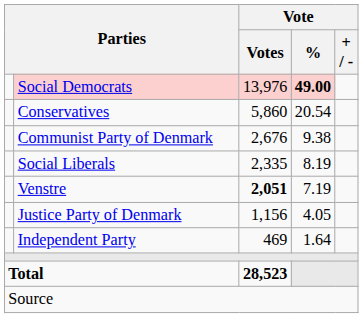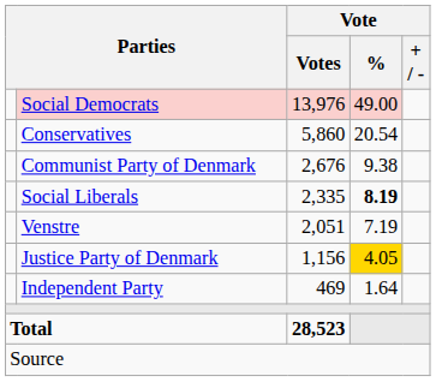 <table class="wikitable" style="text-align:right;">
 <tr>
 <th style="text-align:centre;" rowspan="2" colspan="2" width="225">Parties</th>
 <th colspan="3">Vote</th>
 </tr>
 <tr>
 <th width="15">Votes</th>
 <th width="15">%</th>
 <th width="15">+ / -</th>
 </tr>
 <tr>
 <td width="2" style="color:inherit;background:"></td>
 <td bgcolor=#fbd0ce  align="left"><a href='#'>Social Democrats</a></td>
 <td bgcolor=#fbd0ce>13,976</td>
-<td bgcolor=#fbd0ce><strong>49.00</strong></td>
+<td bgcolor=#fbd0ce>49.00</td>
 <td></td>
 </tr>
 <tr>
 <td width="2" style="color:inherit;background:"></td>
 <td align="left"><a href='#'>Conservatives</a></td>
 <td>5,860</td>
 <td>20.54</td>
 <td></td>
 </tr>
 <tr>
 <td width="2" style="color:inherit;background:"></td>
 <td align="left"><a href='#'>Communist Party of Denmark</a></td>
 <td>2,676</td>
 <td>9.38</td>
 <td></td>
 </tr>
 <tr>
 <td width="2" style="color:inherit;background:"></td>
 <td align="left"><a href='#'>Social Liberals</a></td>
 <td>2,335</td>
-<td>8.19</td>
+<td><strong>8.19</strong></td>
 <td></td>
 </tr>
 <tr>
 <td width="2" style="color:inherit;background:"></td>
 <td align="left"><a href='#'>Venstre</a></td>
-<td><strong>2,051</strong></td>
+<td>2,051</td>
 <td>7.19</td>
 <td></td>
 </tr>
 <tr>
 <td width="2" style="color:inherit;background:"></td>
 <td align="left"><a href='#'>Justice Party of Denmark</a></td>
 <td>1,156</td>
-<td>4.05</td>
+<td style="background: gold;">4.05</td>
 <td></td>
 </tr>
 <tr>
 <td width="2" style="color:inherit;background:"></td>
 <td align="left"><a href='#'>Independent Party</a></td>
 <td>469</td>
 <td>1.64</td>
 <td></td>
 </tr>
 <tr>
 <td colspan="7" bgcolor="#E9E9E9"></td>
 </tr>
 <tr>
 <td align="left" colspan="2"><strong>Total</strong></td>
 <td><strong>28,523</strong></td>
 <td bgcolor="#E9E9E9" colspan="2"></td>
 </tr>
 <tr>
 <td align="left" colspan="6">Source</td>
 </tr>
 </table>
